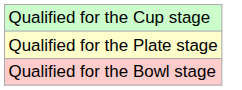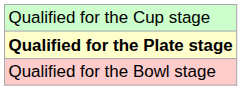 <table class="wikitable">
 <tr>
 <td bgcolor="#ccffcc">Qualified for the Cup stage</td>
 </tr>
 <tr>
-<td bgcolor="#ffffcc">Qualified for the Plate stage</td>
+<td bgcolor="#ffffcc"><strong>Qualified for the Plate stage</strong></td>
 </tr>
 <tr>
 <td bgcolor="#ffcccc">Qualified for the Bowl stage</td>
 </tr>
 </table>
